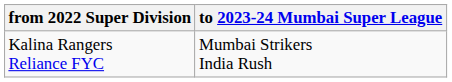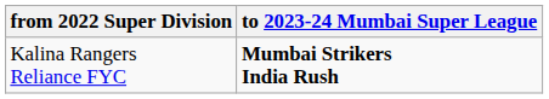 <table class="wikitable">
 <tr>
 <th> from 2022 Super Division</th>
 <th> to <a href='#'>2023-24 Mumbai Super League</a></th>
 </tr>
 <tr>
 <td>Kalina Rangers<br><a href='#'>Reliance FYC</a></td>
-<td>Mumbai Strikers<br>India Rush</td>
+<td><strong>Mumbai Strikers<br>India Rush</strong></td>
 </tr>
 </table>
